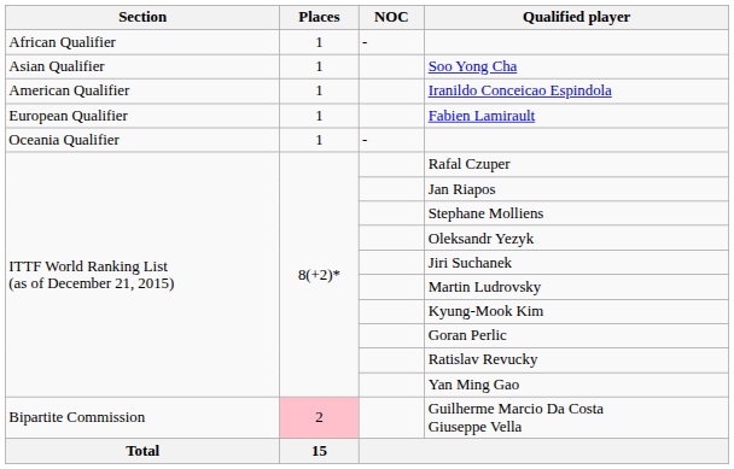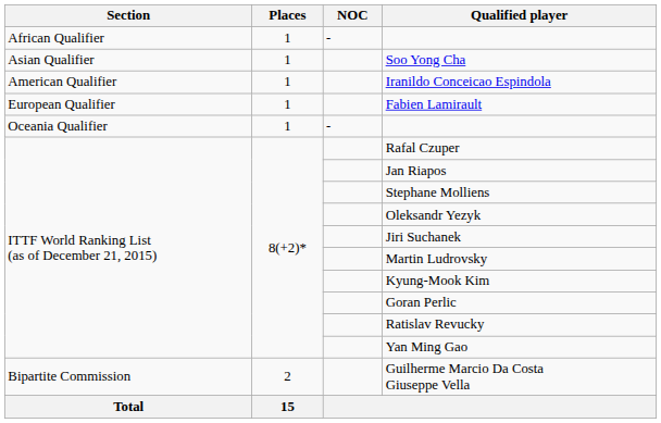 <table class="wikitable"  width=750>
 <tr>
 <th>Section</th>
 <th>Places</th>
 <th>NOC</th>
 <th>Qualified player</th>
 </tr>
 <tr>
 <td>African Qualifier</td>
 <td align=center>1</td>
 <td>-</td>
 <td></td>
 </tr>
 <tr>
 <td>Asian Qualifier</td>
 <td align=center>1</td>
 <td></td>
 <td><a href='#'>Soo Yong Cha</a></td>
 </tr>
 <tr>
 <td>American Qualifier</td>
 <td align=center>1</td>
 <td></td>
 <td><a href='#'>Iranildo Conceicao Espindola</a></td>
 </tr>
 <tr>
 <td>European Qualifier</td>
 <td align=center>1</td>
 <td></td>
 <td><a href='#'>Fabien Lamirault</a></td>
 </tr>
 <tr>
 <td>Oceania Qualifier</td>
 <td align=center>1</td>
 <td>-</td>
 <td></td>
 </tr>
 <tr>
 <td rowspan=10>ITTF World Ranking List<br>(as of December 21, 2015)</td>
 <td rowspan=10 align=center>8(+2)*</td>
 <td></td>
 <td>Rafal Czuper</td>
 </tr>
 <tr>
 <td></td>
 <td>Jan Riapos</td>
 </tr>
 <tr>
 <td></td>
 <td>Stephane Molliens</td>
 </tr>
 <tr>
 <td></td>
 <td>Oleksandr Yezyk</td>
 </tr>
 <tr>
 <td></td>
 <td>Jiri Suchanek</td>
 </tr>
 <tr>
 <td></td>
 <td>Martin Ludrovsky</td>
 </tr>
 <tr>
 <td></td>
 <td>Kyung-Mook Kim</td>
 </tr>
 <tr>
 <td></td>
 <td>Goran Perlic</td>
 </tr>
 <tr>
 <td></td>
 <td>Ratislav Revucky</td>
 </tr>
 <tr>
 <td></td>
 <td>Yan Ming Gao</td>
 </tr>
 <tr>
 <td>Bipartite Commission</td>
-<td align=center style="background: pink;">2</td>
+<td align=center>2</td>
 <td><br></td>
 <td>Guilherme Marcio Da Costa<br>Giuseppe Vella</td>
 </tr>
 <tr>
 <th>Total</th>
 <th>15</th>
 <th colspan=2></th>
 </tr>
 </table>
